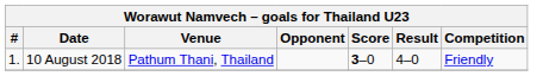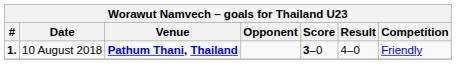 <table class="wikitable" style="font-size:95%;">
 <tr>
 <th colspan="8"><strong>Worawut Namvech – goals for Thailand U23</strong></th>
 </tr>
 <tr>
 <th>#</th>
 <th>Date</th>
 <th>Venue</th>
 <th>Opponent</th>
 <th>Score</th>
 <th>Result</th>
 <th>Competition</th>
 </tr>
 <tr>
-<td>1.</td>
+<td><strong>1.</strong></td>
 <td>10 August 2018</td>
-<td><a href='#'>Pathum Thani</a>, <a href='#'>Thailand</a></td>
+<td><strong><a href='#'>Pathum Thani</a>, <a href='#'>Thailand</a></strong></td>
 <td></td>
 <td><strong>3</strong>–0</td>
 <td>4–0</td>
 <td><a href='#'>Friendly</a></td>
 </tr>
 <tr>
 </tr>
 </table>
